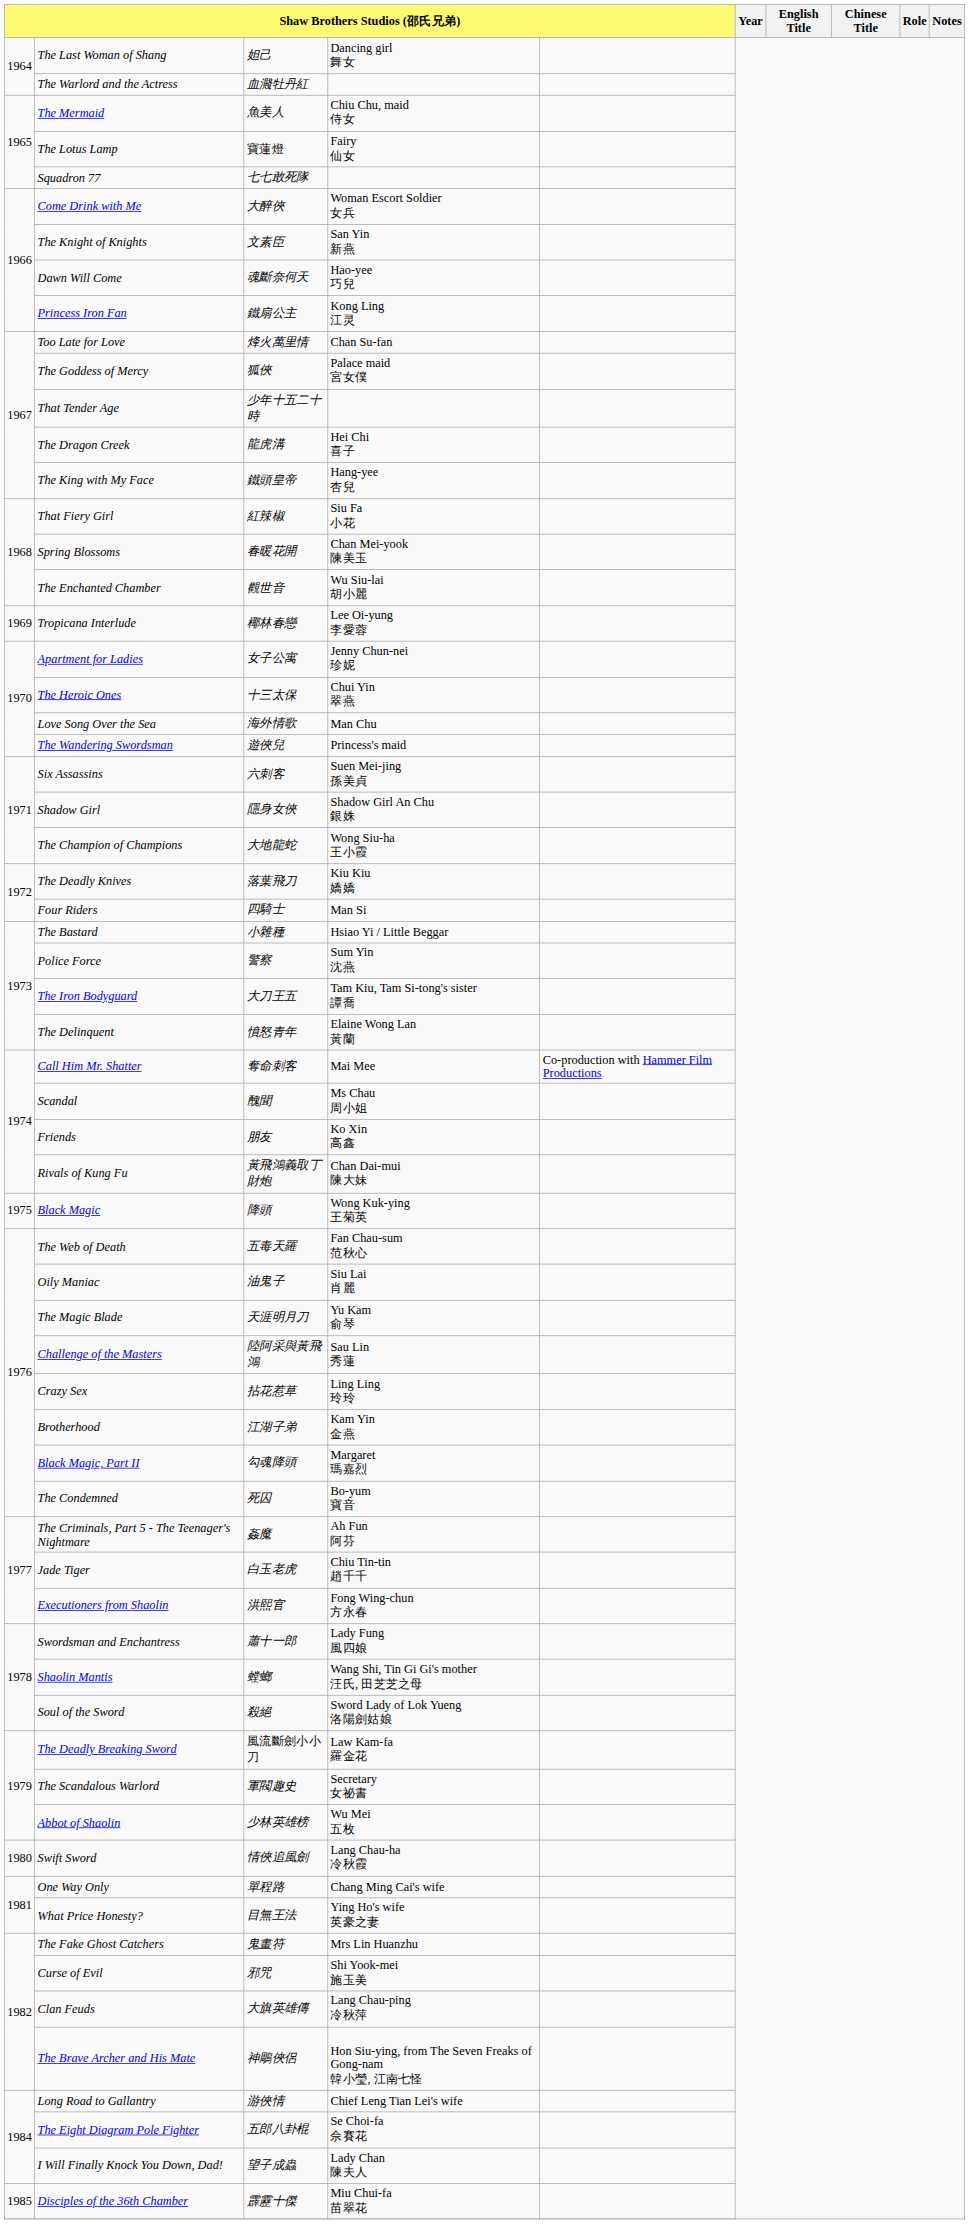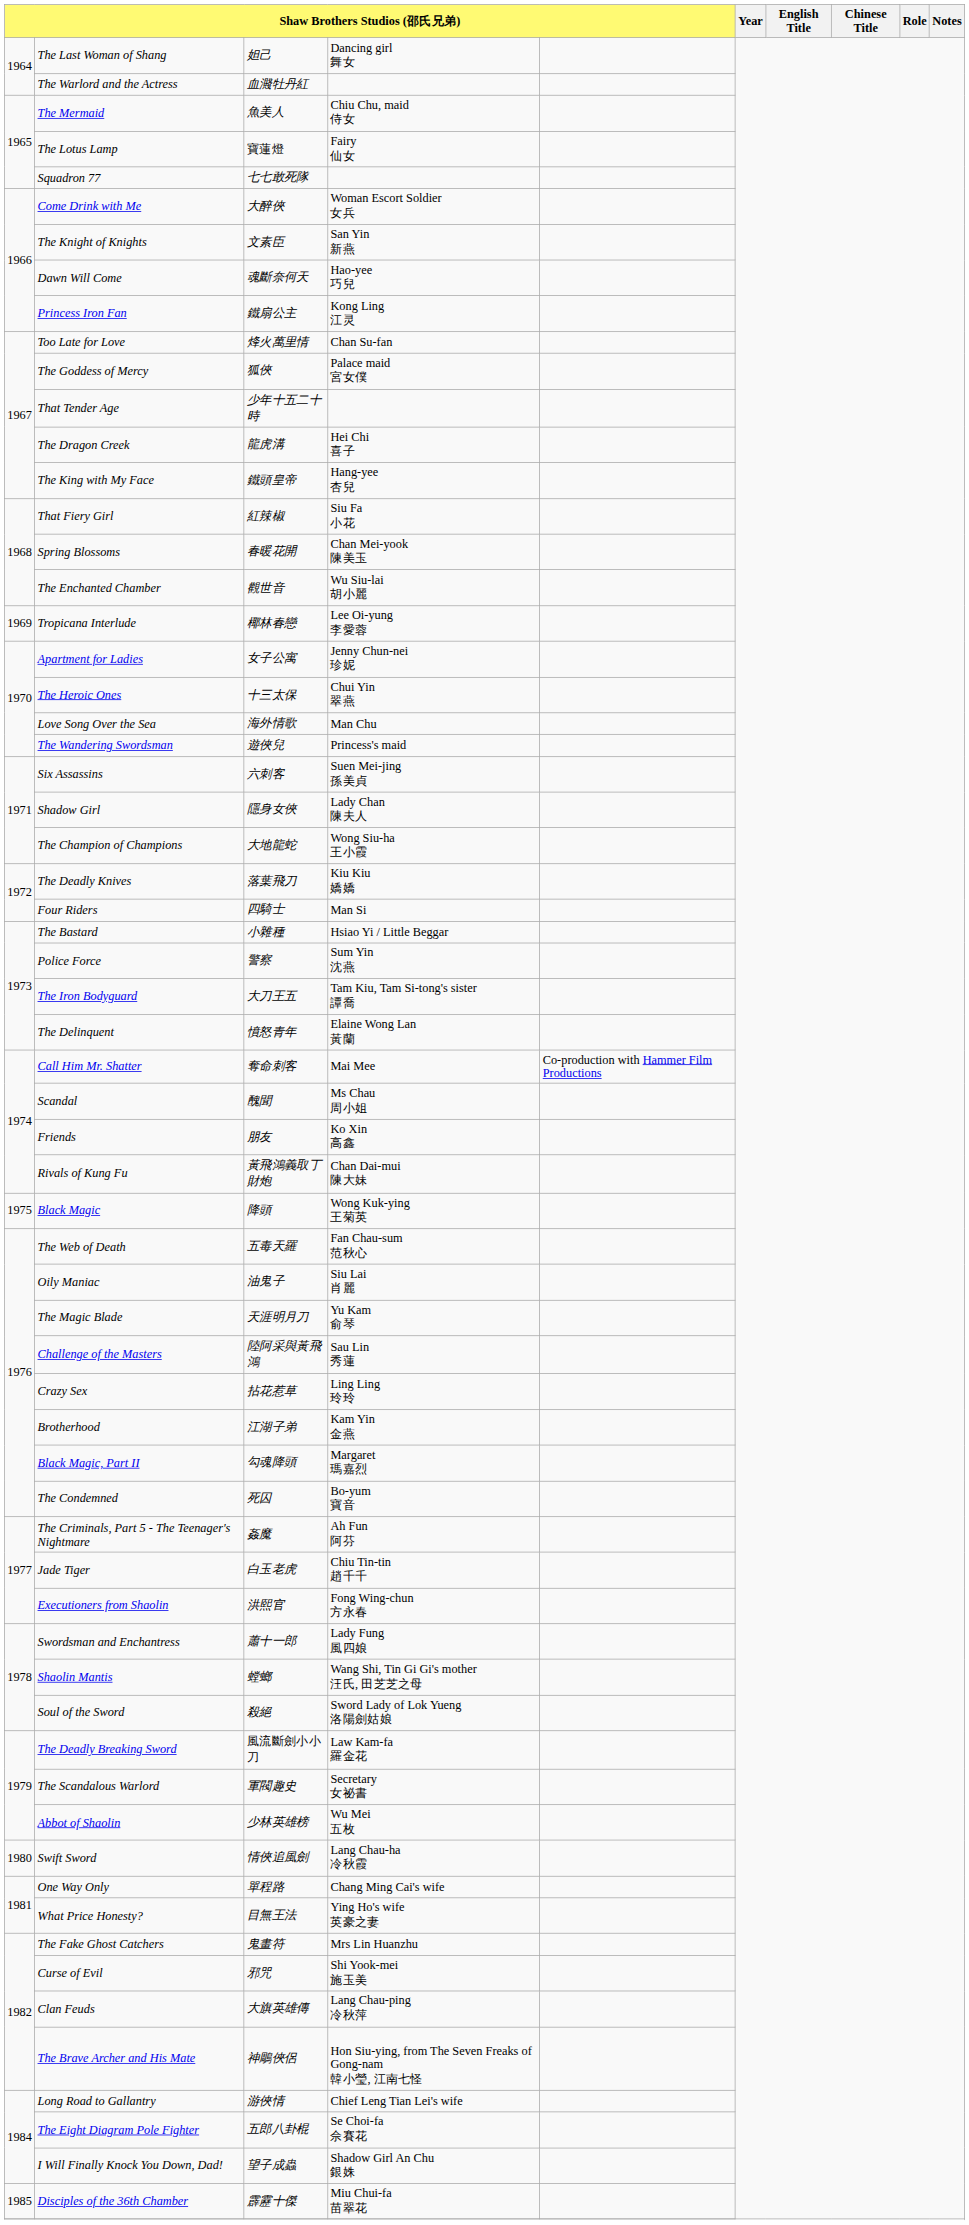 <table class="wikitable sortable">
 <tr>
 <th colspan=5 style="background: #fffa73;">Shaw Brothers Studios (邵氏兄弟)</th>
 <th>Year</th>
 <th>English Title</th>
 <th>Chinese Title</th>
 <th>Role</th>
 <th>Notes</th>
 </tr>
 <tr>
 <td rowspan="2">1964</td>
 <td><em>The Last Woman of Shang</em></td>
 <td><em>妲己</em></td>
 <td>Dancing girl <br>舞女<br></td>
 <td></td>
 </tr>
 <tr>
 <td><em>The Warlord and the Actress</em></td>
 <td><em>血濺牡丹紅</em></td>
 <td></td>
 <td></td>
 </tr>
 <tr>
 <td rowspan="3">1965</td>
 <td><em><a href='#'>The Mermaid</a></em></td>
 <td><em>魚美人</em></td>
 <td>Chiu Chu, maid<br>侍女<br></td>
 <td></td>
 </tr>
 <tr>
 <td><em>The Lotus Lamp</em></td>
 <td>寶蓮燈</td>
 <td>Fairy<br>仙女<br></td>
 <td></td>
 </tr>
 <tr>
 <td><em>Squadron 77</em></td>
 <td><em>七七敢死隊</em></td>
 <td></td>
 <td></td>
 </tr>
 <tr>
 <td rowspan="4">1966</td>
 <td><em><a href='#'>Come Drink with Me</a></em></td>
 <td><em>大醉俠</em></td>
 <td>Woman Escort Soldier<br>女兵<br></td>
 <td></td>
 </tr>
 <tr>
 <td><em>The Knight of Knights</em></td>
 <td><em>文素臣</em></td>
 <td>San Yin<br>新燕<br></td>
 <td></td>
 </tr>
 <tr>
 <td><em>Dawn Will Come</em></td>
 <td><em>魂斷奈何天</em></td>
 <td>Hao-yee<br>巧兒<br></td>
 <td></td>
 </tr>
 <tr>
 <td><em><a href='#'>Princess Iron Fan</a></em></td>
 <td><em>鐵扇公主</em></td>
 <td>Kong Ling<br>江灵<br></td>
 <td></td>
 </tr>
 <tr>
 <td rowspan="5">1967</td>
 <td><em>Too Late for Love</em></td>
 <td><em>烽火萬里情</em></td>
 <td>Chan Su-fan</td>
 <td></td>
 </tr>
 <tr>
 <td><em>The Goddess of Mercy</em></td>
 <td><em>狐俠</em></td>
 <td>Palace maid <br>宮女僕<br></td>
 <td></td>
 </tr>
 <tr>
 <td><em>That Tender Age</em></td>
 <td><em>少年十五二十時</em></td>
 <td></td>
 <td></td>
 </tr>
 <tr>
 <td><em>The Dragon Creek</em></td>
 <td><em>龍虎溝</em></td>
 <td>Hei Chi<br>喜子<br></td>
 <td></td>
 </tr>
 <tr>
 <td><em>The King with My Face</em></td>
 <td><em>鐵頭皇帝</em></td>
 <td>Hang-yee<br>杏兒<br></td>
 <td></td>
 </tr>
 <tr>
 <td rowspan="3">1968</td>
 <td><em>That Fiery Girl</em></td>
 <td><em>紅辣椒</em></td>
 <td>Siu Fa  <br>小花 <br></td>
 <td></td>
 </tr>
 <tr>
 <td><em>Spring Blossoms</em></td>
 <td><em>春暖花開</em></td>
 <td>Chan Mei-yook<br>陳美玉<br></td>
 <td></td>
 </tr>
 <tr>
 <td><em>The Enchanted Chamber</em></td>
 <td><em>觀世音</em></td>
 <td>Wu Siu-lai  <br>胡小麗<br></td>
 <td></td>
 </tr>
 <tr>
 <td>1969</td>
 <td><em>Tropicana Interlude</em></td>
 <td><em>椰林春戀</em></td>
 <td>Lee Oi-yung <br>李愛蓉<br></td>
 <td></td>
 </tr>
 <tr>
 <td rowspan="4">1970</td>
 <td><em><a href='#'>Apartment for Ladies</a></em></td>
 <td><em>女子公寓</em></td>
 <td>Jenny Chun-nei<br>珍妮<br></td>
 <td></td>
 </tr>
 <tr>
 <td><em><a href='#'>The Heroic Ones</a></em></td>
 <td><em>十三太保</em></td>
 <td>Chui Yin<br>翠燕<br></td>
 <td></td>
 </tr>
 <tr>
 <td><em>Love Song Over the Sea</em></td>
 <td><em>海外情歌</em></td>
 <td>Man Chu</td>
 <td></td>
 </tr>
 <tr>
 <td><em><a href='#'>The Wandering Swordsman</a></em></td>
 <td><em>遊俠兒</em></td>
 <td>Princess's maid</td>
 <td></td>
 </tr>
 <tr>
 <td rowspan="3">1971</td>
 <td><em>Six Assassins</em></td>
 <td><em>六刺客</em></td>
 <td>Suen Mei-jing <br>孫美貞<br></td>
 <td></td>
 </tr>
 <tr>
 <td><em>Shadow Girl</em></td>
 <td><em>隱身女俠</em></td>
-<td>Shadow Girl An Chu<br>銀姝<br></td>
+<td>Lady Chan<br>陳夫人<br></td>
 <td></td>
 </tr>
 <tr>
 <td><em>The Champion of Champions</em></td>
 <td><em>大地龍蛇</em></td>
 <td>Wong Siu-ha <br>王小霞<br></td>
 <td></td>
 </tr>
 <tr>
 <td rowspan="2">1972</td>
 <td><em>The Deadly Knives</em></td>
 <td><em>落葉飛刀</em></td>
 <td>Kiu Kiu <br>嬌嬌<br></td>
 <td></td>
 </tr>
 <tr>
 <td><em>Four Riders</em></td>
 <td><em>四騎士</em></td>
 <td>Man Si</td>
 <td></td>
 </tr>
 <tr>
 <td rowspan="4">1973</td>
 <td><em>The Bastard</em></td>
 <td><em>小雜種</em></td>
 <td>Hsiao Yi / Little Beggar</td>
 <td></td>
 </tr>
 <tr>
 <td><em>Police Force</em></td>
 <td><em>警察</em></td>
 <td>Sum Yin<br>沈燕<br></td>
 <td></td>
 </tr>
 <tr>
 <td><em><a href='#'>The Iron Bodyguard</a></em></td>
 <td><em>大刀王五</em></td>
 <td>Tam Kiu, Tam Si-tong's sister<br>譚喬<br></td>
 <td></td>
 </tr>
 <tr>
 <td><em>The Delinquent</em></td>
 <td><em>憤怒青年</em></td>
 <td>Elaine Wong Lan<br>黃蘭<br></td>
 <td></td>
 </tr>
 <tr>
 <td rowspan="4">1974</td>
 <td><em><a href='#'>Call Him Mr. Shatter</a></em></td>
 <td><em>奪命刺客</em></td>
 <td>Mai Mee</td>
 <td>Co-production with <a href='#'>Hammer Film Productions</a></td>
 </tr>
 <tr>
 <td><em>Scandal</em></td>
 <td><em>醜聞</em></td>
 <td>Ms Chau<br>周小姐<br></td>
 <td></td>
 </tr>
 <tr>
 <td><em>Friends</em></td>
 <td><em>朋友</em></td>
 <td>Ko Xin<br>高鑫<br></td>
 <td></td>
 </tr>
 <tr>
 <td><em>Rivals of Kung Fu</em></td>
 <td><em>黃飛鴻義取丁財炮</em></td>
 <td>Chan Dai-mui<br>陳大妹<br></td>
 <td></td>
 </tr>
 <tr>
 <td>1975</td>
 <td><em><a href='#'>Black Magic</a></em></td>
 <td><em>降頭</em></td>
 <td>Wong Kuk-ying<br>王菊英<br></td>
 <td></td>
 </tr>
 <tr>
 <td rowspan="8">1976</td>
 <td><em>The Web of Death</em></td>
 <td><em>五毒天羅</em></td>
 <td>Fan Chau-sum<br>范秋心<br></td>
 <td></td>
 </tr>
 <tr>
 <td><em>Oily Maniac</em></td>
 <td><em>油鬼子</em></td>
 <td>Siu Lai<br>肖麗<br></td>
 <td></td>
 </tr>
 <tr>
 <td><em>The Magic Blade</em></td>
 <td><em>天涯明月刀</em></td>
 <td>Yu Kam<br>俞琴<br></td>
 <td></td>
 </tr>
 <tr>
 <td><em><a href='#'>Challenge of the Masters</a></em></td>
 <td><em>陸阿采與黃飛鴻</em></td>
 <td>Sau Lin<br>秀蓮<br></td>
 <td></td>
 </tr>
 <tr>
 <td><em>Crazy Sex</em></td>
 <td><em>拈花惹草</em></td>
 <td>Ling Ling<br>玲玲<br></td>
 <td></td>
 </tr>
 <tr>
 <td><em>Brotherhood</em></td>
 <td><em>江湖子弟</em></td>
 <td>Kam Yin<br>金燕<br></td>
 <td></td>
 </tr>
 <tr>
 <td><em><a href='#'>Black Magic, Part II</a></em></td>
 <td><em>勾魂降頭</em></td>
 <td>Margaret<br>瑪嘉烈<br></td>
 <td></td>
 </tr>
 <tr>
 <td><em>The Condemned</em></td>
 <td><em>死囚</em></td>
 <td>Bo-yum<br>寶音<br></td>
 <td></td>
 </tr>
 <tr>
 <td rowspan="3">1977</td>
 <td><em>The Criminals,  Part 5 - The Teenager's Nightmare</em></td>
 <td><em>姦魔</em></td>
 <td>Ah Fun<br>阿芬<br></td>
 <td></td>
 </tr>
 <tr>
 <td><em>Jade Tiger</em></td>
 <td><em>白玉老虎</em></td>
 <td>Chiu Tin-tin <br>趙千千<br></td>
 <td></td>
 </tr>
 <tr>
 <td><em><a href='#'>Executioners from Shaolin</a></em></td>
 <td><em>洪熙官</em></td>
 <td>Fong Wing-chun <br>方永春<br></td>
 <td></td>
 </tr>
 <tr>
 <td rowspan="3">1978</td>
 <td><em>Swordsman and Enchantress</em></td>
 <td><em>蕭十一郎</em></td>
 <td>Lady Fung <br>風四娘<br></td>
 <td></td>
 </tr>
 <tr>
 <td><em><a href='#'>Shaolin Mantis</a></em></td>
 <td><em>螳螂</em></td>
 <td>Wang Shi, Tin Gi Gi's mother<br>汪氏, 田芝芝之母<br></td>
 <td></td>
 </tr>
 <tr>
 <td><em>Soul of the Sword</em></td>
 <td><em>殺絕</em></td>
 <td>Sword Lady of Lok Yueng<br>洛陽劍姑娘<br></td>
 <td></td>
 </tr>
 <tr>
 <td rowspan="3">1979</td>
 <td><em><a href='#'>The Deadly Breaking Sword</a></em></td>
 <td>風流斷劍小小刀</td>
 <td>Law Kam-fa<br>羅金花<br></td>
 <td></td>
 </tr>
 <tr>
 <td><em>The Scandalous Warlord</em></td>
 <td><em>軍閥趣史</em></td>
 <td>Secretary<br>女祕書<br></td>
 <td></td>
 </tr>
 <tr>
 <td><em><a href='#'>Abbot of Shaolin</a></em></td>
 <td><em>少林英雄榜</em></td>
 <td>Wu Mei<br>五枚<br></td>
 <td></td>
 </tr>
 <tr>
 <td>1980</td>
 <td><em>Swift Sword</em></td>
 <td><em>情俠追風劍</em></td>
 <td>Lang Chau-ha<br>冷秋霞<br></td>
 <td></td>
 </tr>
 <tr>
 <td rowspan="2">1981</td>
 <td><em>One Way Only</em></td>
 <td><em>單程路</em></td>
 <td>Chang Ming Cai's wife</td>
 <td></td>
 </tr>
 <tr>
 <td><em>What Price Honesty?</em></td>
 <td><em>目無王法</em></td>
 <td>Ying Ho's wife<br>英豪之妻<br></td>
 <td></td>
 </tr>
 <tr>
 <td rowspan="4">1982</td>
 <td><em>The Fake Ghost Catchers</em></td>
 <td><em>鬼畫符</em></td>
 <td>Mrs Lin Huanzhu</td>
 <td></td>
 </tr>
 <tr>
 <td><em>Curse of Evil</em></td>
 <td><em>邪咒</em></td>
 <td>Shi Yook-mei<br>施玉美<br></td>
 <td></td>
 </tr>
 <tr>
 <td><em>Clan Feuds</em></td>
 <td><em>大旗英雄傳</em></td>
 <td>Lang Chau-ping<br>冷秋萍<br></td>
 <td></td>
 </tr>
 <tr>
 <td><em><a href='#'>The Brave Archer and His Mate</a></em></td>
 <td><em>神鵰俠侶</em></td>
 <td><br>Hon Siu-ying, from The Seven Freaks of Gong-nam<br>韓小瑩, 江南七怪<br></td>
 <td></td>
 </tr>
 <tr>
 <td rowspan="3">1984</td>
 <td><em>Long Road to Gallantry</em></td>
 <td><em>游俠情</em></td>
 <td>Chief Leng Tian Lei's wife</td>
 <td></td>
 </tr>
 <tr>
 <td><em><a href='#'>The Eight Diagram Pole Fighter</a></em></td>
 <td><em>五郎八卦棍</em></td>
 <td>Se Choi-fa <br>佘賽花<br></td>
 <td></td>
 </tr>
 <tr>
 <td><em>I Will Finally Knock You Down, Dad!</em></td>
 <td><em>望子成蟲</em></td>
-<td>Lady Chan<br>陳夫人<br></td>
+<td>Shadow Girl An Chu<br>銀姝<br></td>
 <td></td>
 </tr>
 <tr>
 <td>1985</td>
 <td><em><a href='#'>Disciples of the 36th Chamber</a></em></td>
 <td><em>霹靂十傑</em></td>
 <td>Miu Chui-fa<br>苗翠花<br></td>
 <td></td>
 </tr>
 <tr>
 </tr>
 </table>
